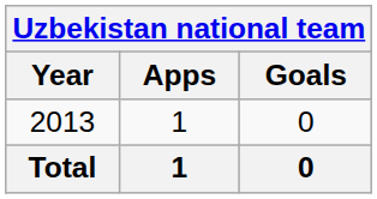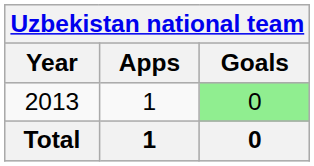 <table class="wikitable" style="text-align:center">
 <tr>
 <th colspan=3><a href='#'>Uzbekistan national team</a></th>
 </tr>
 <tr>
 <th>Year</th>
 <th>Apps</th>
 <th>Goals</th>
 </tr>
 <tr>
 <td>2013</td>
 <td>1</td>
-<td>0</td>
+<td style="background: lightgreen;">0</td>
 </tr>
 <tr>
 <th>Total</th>
 <th>1</th>
 <th>0</th>
 </tr>
 </table>
